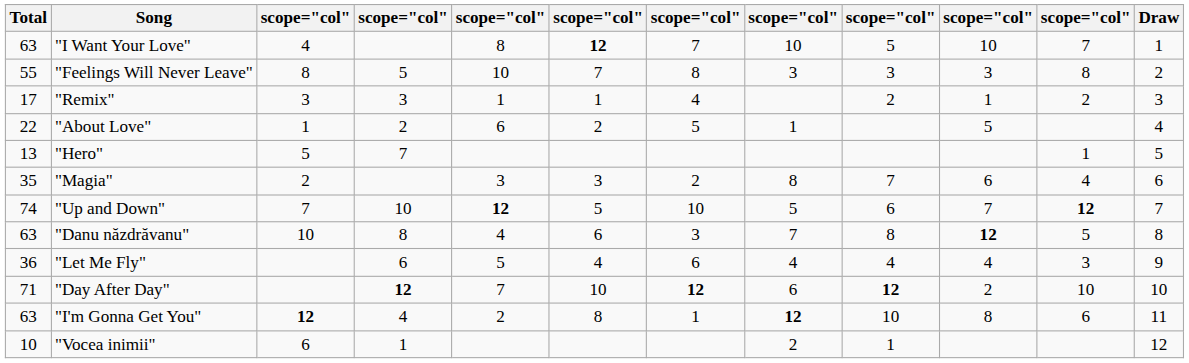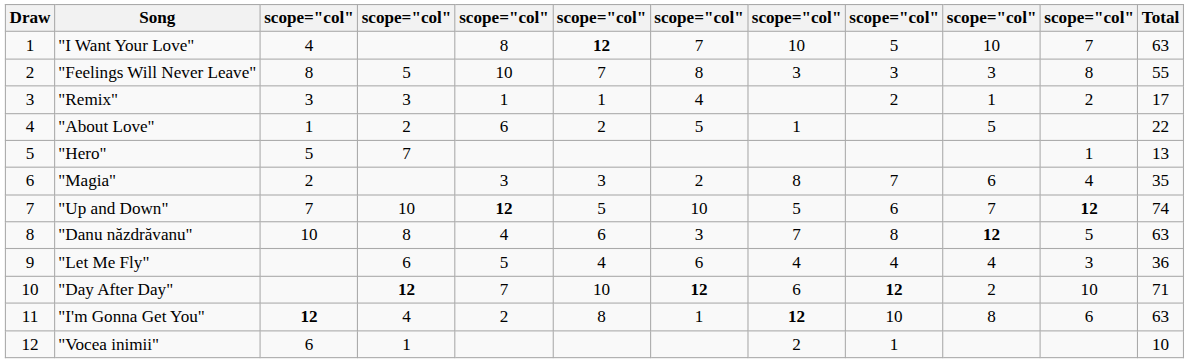 <table class="wikitable collapsible" style="margin: 1em auto 1em auto; text-align:center;">
 <tr>
-<th>Total</th>
+<th>Draw</th>
 <th>Song</th>
 <th>scope="col" </th>
 <th>scope="col" </th>
 <th>scope="col" </th>
 <th>scope="col" </th>
 <th>scope="col" </th>
 <th>scope="col" </th>
 <th>scope="col" </th>
 <th>scope="col" </th>
 <th>scope="col" </th>
-<th>Draw</th>
+<th>Total</th>
 </tr>
 <tr>
-<td>63</td>
+<td>1</td>
 <td align="left">"I Want Your Love"</td>
 <td>4</td>
 <td></td>
 <td>8</td>
 <td><strong>12</strong></td>
 <td>7</td>
 <td>10</td>
 <td>5</td>
 <td>10</td>
 <td>7</td>
-<td>1</td>
+<td>63</td>
 </tr>
 <tr>
-<td>55</td>
+<td>2</td>
 <td align="left">"Feelings Will Never Leave"</td>
 <td>8</td>
 <td>5</td>
 <td>10</td>
 <td>7</td>
 <td>8</td>
 <td>3</td>
 <td>3</td>
 <td>3</td>
 <td>8</td>
-<td>2</td>
+<td>55</td>
 </tr>
 <tr>
-<td>17</td>
+<td>3</td>
 <td align="left">"Remix"</td>
 <td>3</td>
 <td>3</td>
 <td>1</td>
 <td>1</td>
 <td>4</td>
 <td></td>
 <td>2</td>
 <td>1</td>
 <td>2</td>
-<td>3</td>
+<td>17</td>
 </tr>
 <tr>
-<td>22</td>
+<td>4</td>
 <td align="left">"About Love"</td>
 <td>1</td>
 <td>2</td>
 <td>6</td>
 <td>2</td>
 <td>5</td>
 <td>1</td>
 <td></td>
 <td>5</td>
 <td></td>
-<td>4</td>
+<td>22</td>
 </tr>
 <tr>
-<td>13</td>
+<td>5</td>
 <td align="left">"Hero"</td>
 <td>5</td>
 <td>7</td>
 <td></td>
 <td></td>
 <td></td>
 <td></td>
 <td></td>
 <td></td>
 <td>1</td>
-<td>5</td>
+<td>13</td>
 </tr>
 <tr>
-<td>35</td>
+<td>6</td>
 <td align="left">"Magia"</td>
 <td>2</td>
 <td></td>
 <td>3</td>
 <td>3</td>
 <td>2</td>
 <td>8</td>
 <td>7</td>
 <td>6</td>
 <td>4</td>
-<td>6</td>
+<td>35</td>
 </tr>
 <tr>
-<td>74</td>
+<td>7</td>
 <td align="left">"Up and Down"</td>
 <td>7</td>
 <td>10</td>
 <td><strong>12</strong></td>
 <td>5</td>
 <td>10</td>
 <td>5</td>
 <td>6</td>
 <td>7</td>
 <td><strong>12</strong></td>
-<td>7</td>
+<td>74</td>
 </tr>
 <tr>
-<td>63</td>
+<td>8</td>
 <td align="left">"Danu năzdrăvanu"</td>
 <td>10</td>
 <td>8</td>
 <td>4</td>
 <td>6</td>
 <td>3</td>
 <td>7</td>
 <td>8</td>
 <td><strong>12</strong></td>
 <td>5</td>
-<td>8</td>
+<td>63</td>
 </tr>
 <tr>
-<td>36</td>
+<td>9</td>
 <td align="left">"Let Me Fly"</td>
 <td></td>
 <td>6</td>
 <td>5</td>
 <td>4</td>
 <td>6</td>
 <td>4</td>
 <td>4</td>
 <td>4</td>
 <td>3</td>
-<td>9</td>
+<td>36</td>
 </tr>
 <tr>
-<td>71</td>
+<td>10</td>
 <td align="left">"Day After Day"</td>
 <td></td>
 <td><strong>12</strong></td>
 <td>7</td>
 <td>10</td>
 <td><strong>12</strong></td>
 <td>6</td>
 <td><strong>12</strong></td>
 <td>2</td>
 <td>10</td>
-<td>10</td>
+<td>71</td>
 </tr>
 <tr>
-<td>63</td>
+<td>11</td>
 <td align="left">"I'm Gonna Get You"</td>
 <td><strong>12</strong></td>
 <td>4</td>
 <td>2</td>
 <td>8</td>
 <td>1</td>
 <td><strong>12</strong></td>
 <td>10</td>
 <td>8</td>
 <td>6</td>
-<td>11</td>
+<td>63</td>
 </tr>
 <tr>
-<td>10</td>
+<td>12</td>
 <td align="left">"Vocea inimii"</td>
 <td>6</td>
 <td>1</td>
 <td></td>
 <td></td>
 <td></td>
 <td>2</td>
 <td>1</td>
 <td></td>
 <td></td>
-<td>12</td>
+<td>10</td>
 </tr>
 </table>
